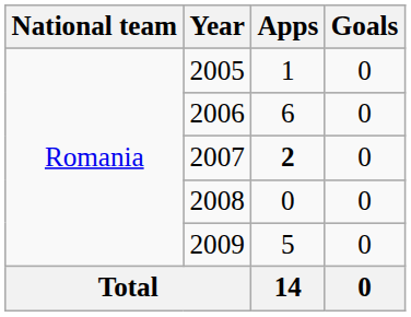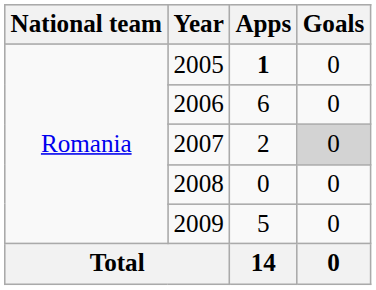 <table class="wikitable" style="text-align:center">
 <tr>
 <th>National team</th>
 <th>Year</th>
 <th>Apps</th>
 <th>Goals</th>
 </tr>
 <tr>
 <td rowspan="5"><a href='#'>Romania</a></td>
 <td>2005</td>
-<td>1</td>
+<td><strong>1</strong></td>
 <td>0</td>
 </tr>
 <tr>
 <td>2006</td>
 <td>6</td>
 <td>0</td>
 </tr>
 <tr>
 <td>2007</td>
-<td><strong>2</strong></td>
-<td>0</td>
+<td>2</td>
+<td style="background: lightgrey;">0</td>
 </tr>
 <tr>
 <td>2008</td>
 <td>0</td>
 <td>0</td>
 </tr>
 <tr>
 <td>2009</td>
 <td>5</td>
 <td>0</td>
 </tr>
 <tr>
 <th colspan="2">Total</th>
 <th>14</th>
 <th>0</th>
 </tr>
 </table>
